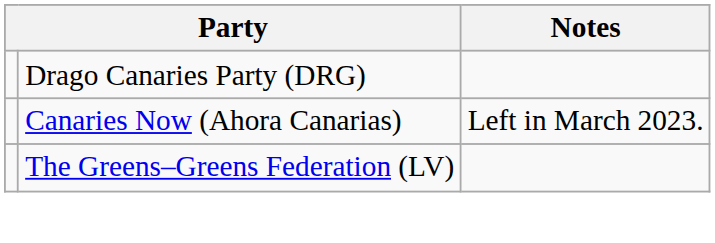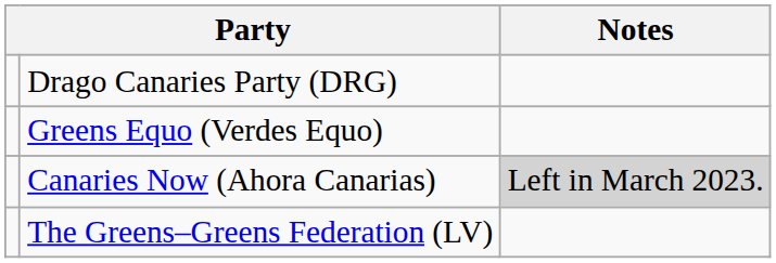 <table class="wikitable" style="text-align:left;">
 <tr>
 <th colspan="2">Party</th>
 <th>Notes</th>
 </tr>
 <tr>
 <td></td>
 <td>Drago Canaries Party (DRG)</td>
 <td></td>
 </tr>
 <tr>
 <td></td>
+<td><a href='#'>Greens Equo</a> (Verdes Equo)</td>
+<td></td>
+</tr>
+<tr>
+<td></td>
 <td><a href='#'>Canaries Now</a> (Ahora Canarias)</td>
-<td>Left in March 2023.</td>
+<td style="background: lightgrey;">Left in March 2023.</td>
 </tr>
 <tr>
 <td></td>
 <td><a href='#'>The Greens–Greens Federation</a> (LV)</td>
 <td></td>
 </tr>
 </table>
